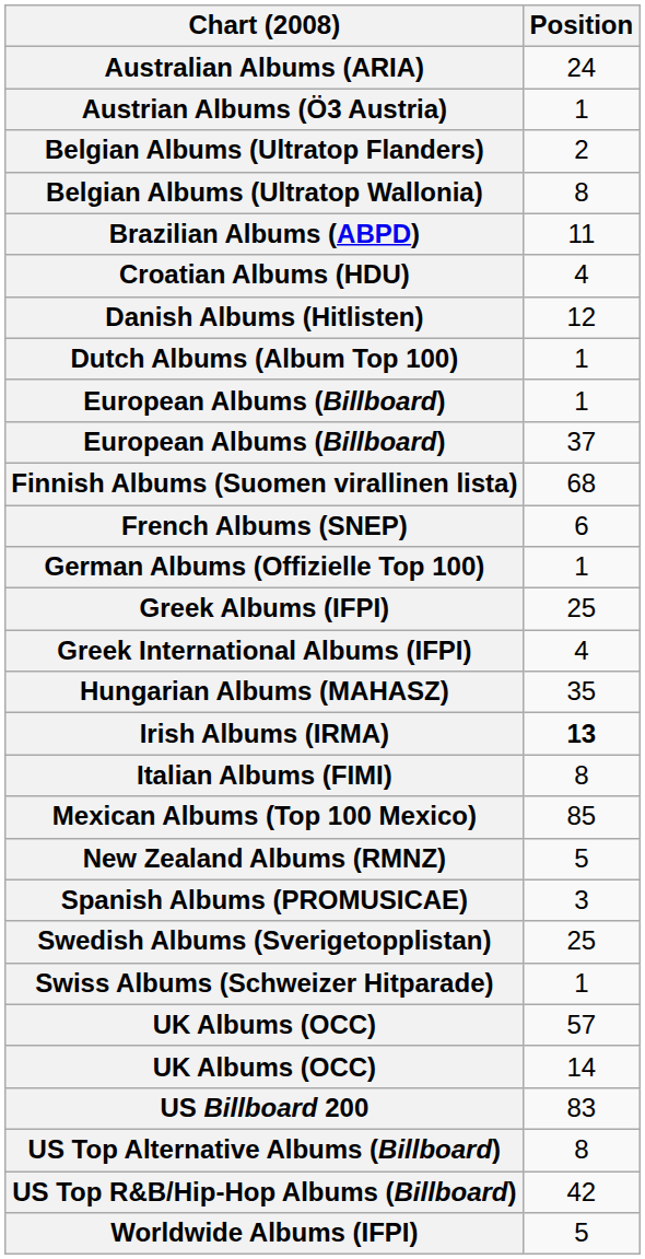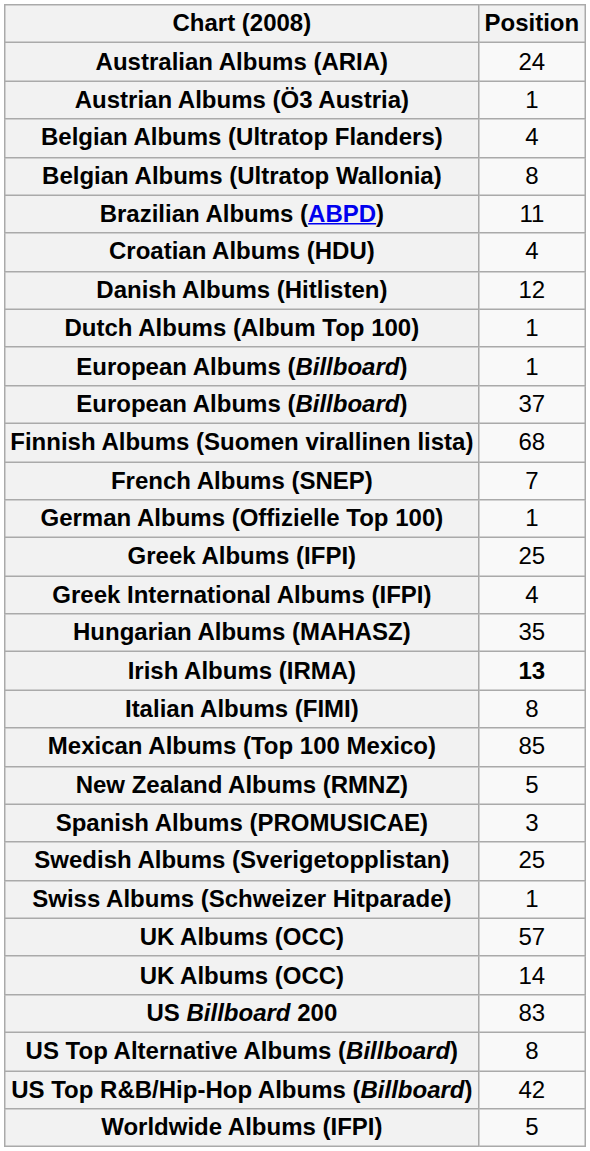 <table class="wikitable sortable plainrowheaders" style="text-align:center">
 <tr>
 <th scope="col">Chart (2008)</th>
 <th scope="col">Position</th>
 </tr>
 <tr>
 <th scope="row">Australian Albums (ARIA)</th>
 <td>24</td>
 </tr>
 <tr>
 <th scope="row">Austrian Albums (Ö3 Austria)</th>
 <td>1</td>
 </tr>
 <tr>
 <th scope="row">Belgian Albums (Ultratop Flanders)</th>
-<td>2</td>
+<td>4</td>
 </tr>
 <tr>
 <th scope="row">Belgian Albums (Ultratop Wallonia)</th>
 <td>8</td>
 </tr>
 <tr>
 <th scope="row">Brazilian Albums (<a href='#'>ABPD</a>)</th>
 <td>11</td>
 </tr>
 <tr>
 <th scope="row">Croatian Albums (HDU)</th>
 <td>4</td>
 </tr>
 <tr>
 <th scope="row">Danish Albums (Hitlisten)</th>
 <td>12</td>
 </tr>
 <tr>
 <th scope="row">Dutch Albums (Album Top 100)</th>
 <td>1</td>
 </tr>
 <tr>
 <th scope="row">European Albums (<em>Billboard</em>)<br></th>
 <td>1</td>
 </tr>
 <tr>
 <th scope="row">European Albums (<em>Billboard</em>)<br></th>
 <td>37</td>
 </tr>
 <tr>
 <th scope="row">Finnish Albums (Suomen virallinen lista)</th>
 <td>68</td>
 </tr>
 <tr>
 <th scope="row">French Albums (SNEP)</th>
-<td>6</td>
+<td>7</td>
 </tr>
 <tr>
 <th scope="row">German Albums (Offizielle Top 100)</th>
 <td>1</td>
 </tr>
 <tr>
 <th scope="row">Greek Albums (IFPI)</th>
 <td>25</td>
 </tr>
 <tr>
 <th scope="row">Greek International Albums (IFPI)</th>
 <td>4</td>
 </tr>
 <tr>
 <th scope="row">Hungarian Albums (MAHASZ)</th>
 <td>35</td>
 </tr>
 <tr>
 <th scope="row">Irish Albums (IRMA)</th>
 <td><strong>13</strong></td>
 </tr>
 <tr>
 <th scope="row">Italian Albums (FIMI)</th>
 <td>8</td>
 </tr>
 <tr>
 <th scope="row">Mexican Albums (Top 100 Mexico)</th>
 <td>85</td>
 </tr>
 <tr>
 <th scope="row">New Zealand Albums (RMNZ)</th>
 <td>5</td>
 </tr>
 <tr>
 <th scope="row">Spanish Albums (PROMUSICAE)</th>
 <td>3</td>
 </tr>
 <tr>
 <th scope="row">Swedish Albums (Sverigetopplistan)</th>
 <td>25</td>
 </tr>
 <tr>
 <th scope="row">Swiss Albums (Schweizer Hitparade)</th>
 <td>1</td>
 </tr>
 <tr>
 <th scope="row">UK Albums (OCC)<br></th>
 <td>57</td>
 </tr>
 <tr>
 <th scope="row">UK Albums (OCC)<br></th>
 <td>14</td>
 </tr>
 <tr>
 <th scope="row">US <em>Billboard</em> 200</th>
 <td>83</td>
 </tr>
 <tr>
 <th scope="row">US Top Alternative Albums (<em>Billboard</em>)</th>
 <td>8</td>
 </tr>
 <tr>
 <th scope="row">US Top R&B/Hip-Hop Albums (<em>Billboard</em>)</th>
 <td>42</td>
 </tr>
 <tr>
 <th scope="row">Worldwide Albums (IFPI)</th>
 <td>5</td>
 </tr>
 </table>
